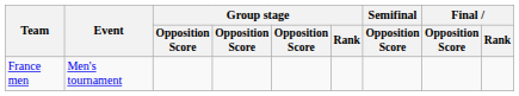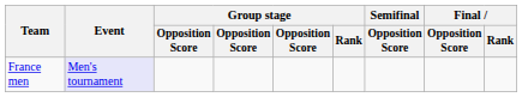 <table class="wikitable" style="font-size:90%">
 <tr>
 <th rowspan="2">Team</th>
 <th rowspan="2">Event</th>
 <th colspan="4">Group stage</th>
 <th>Semifinal</th>
 <th colspan="2">Final / </th>
 </tr>
 <tr style="font-size:95%">
 <th>Opposition<br>Score</th>
 <th>Opposition<br>Score</th>
 <th>Opposition<br>Score</th>
 <th>Rank</th>
 <th>Opposition<br>Score</th>
 <th>Opposition<br>Score</th>
 <th>Rank</th>
 </tr>
 <tr align="center">
 <td align="left"><a href='#'>France men</a></td>
-<td align="left"><a href='#'>Men's tournament</a></td>
+<td align="left" style="background: lavender;"><a href='#'>Men's tournament</a></td>
 <td></td>
 <td></td>
 <td></td>
 <td></td>
 <td></td>
 <td></td>
 <td></td>
 </tr>
 </table>
